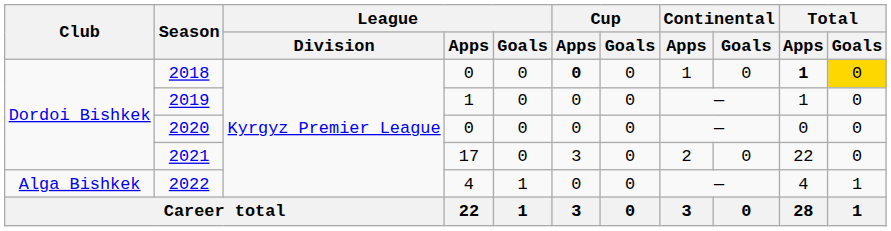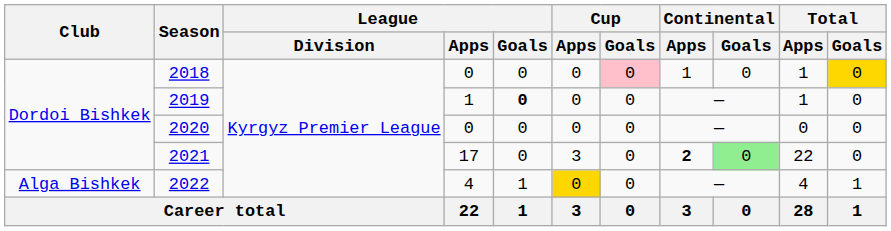 <table class="wikitable" style="text-align: center;">
 <tr>
 <th rowspan="2">Club</th>
 <th rowspan="2">Season</th>
 <th colspan="3">League</th>
 <th colspan="2">Cup</th>
 <th colspan="2">Continental</th>
 <th colspan="2">Total</th>
 </tr>
 <tr>
 <th>Division</th>
 <th>Apps</th>
 <th>Goals</th>
 <th>Apps</th>
 <th>Goals</th>
 <th>Apps</th>
 <th>Goals</th>
 <th>Apps</th>
 <th>Goals</th>
 </tr>
 <tr>
 <td rowspan="4"><a href='#'>Dordoi Bishkek</a></td>
 <td><a href='#'>2018</a></td>
 <td rowspan="5"><a href='#'>Kyrgyz Premier League</a></td>
 <td>0</td>
 <td>0</td>
-<td><strong>0</strong></td>
+<td>0</td>
+<td style="background: pink;">0</td>
+<td>1</td>
 <td>0</td>
 <td>1</td>
-<td>0</td>
-<td><strong>1</strong></td>
 <td style="background: gold;">0</td>
 </tr>
 <tr>
 <td><a href='#'>2019</a></td>
 <td>1</td>
-<td>0</td>
+<td><strong>0</strong></td>
 <td>0</td>
 <td>0</td>
 <td colspan="2">—</td>
 <td>1</td>
 <td>0</td>
 </tr>
 <tr>
 <td><a href='#'>2020</a></td>
 <td>0</td>
 <td>0</td>
 <td>0</td>
 <td>0</td>
 <td colspan="2">—</td>
 <td>0</td>
 <td>0</td>
 </tr>
 <tr>
 <td><a href='#'>2021</a></td>
 <td>17</td>
 <td>0</td>
 <td>3</td>
 <td>0</td>
-<td>2</td>
-<td>0</td>
+<td><strong>2</strong></td>
+<td style="background: lightgreen;">0</td>
 <td>22</td>
 <td>0</td>
 </tr>
 <tr>
 <td rowspan="1"><a href='#'>Alga Bishkek</a></td>
 <td><a href='#'>2022</a></td>
 <td>4</td>
 <td>1</td>
-<td>0</td>
+<td style="background: gold;">0</td>
 <td>0</td>
 <td colspan="2">—</td>
 <td>4</td>
 <td>1</td>
 </tr>
 <tr>
 <th colspan="3">Career total</th>
 <th>22</th>
 <th>1</th>
 <th>3</th>
 <th>0</th>
 <th>3</th>
 <th>0</th>
 <th>28</th>
 <th>1</th>
 </tr>
 </table>
